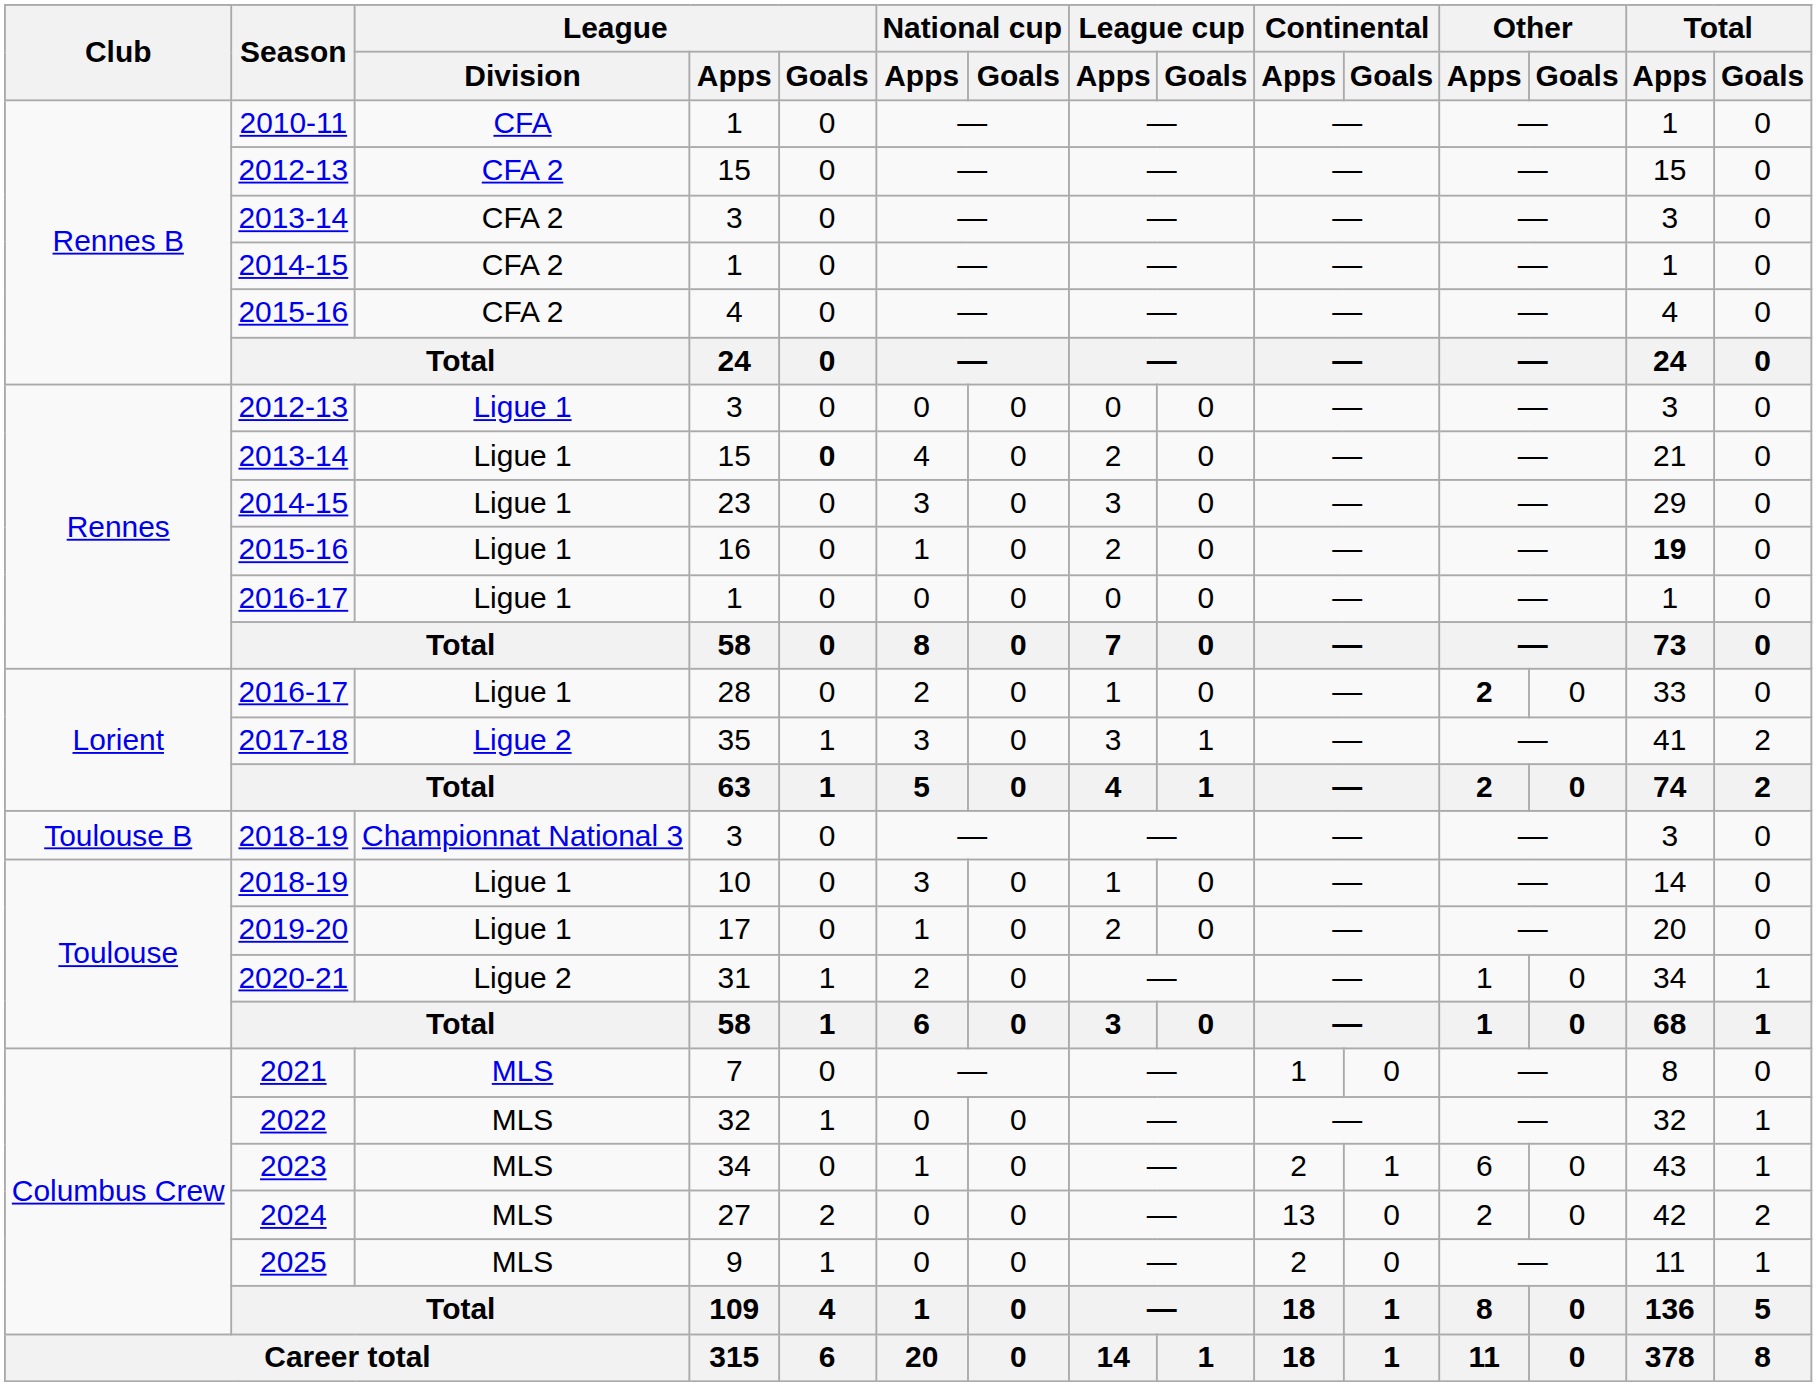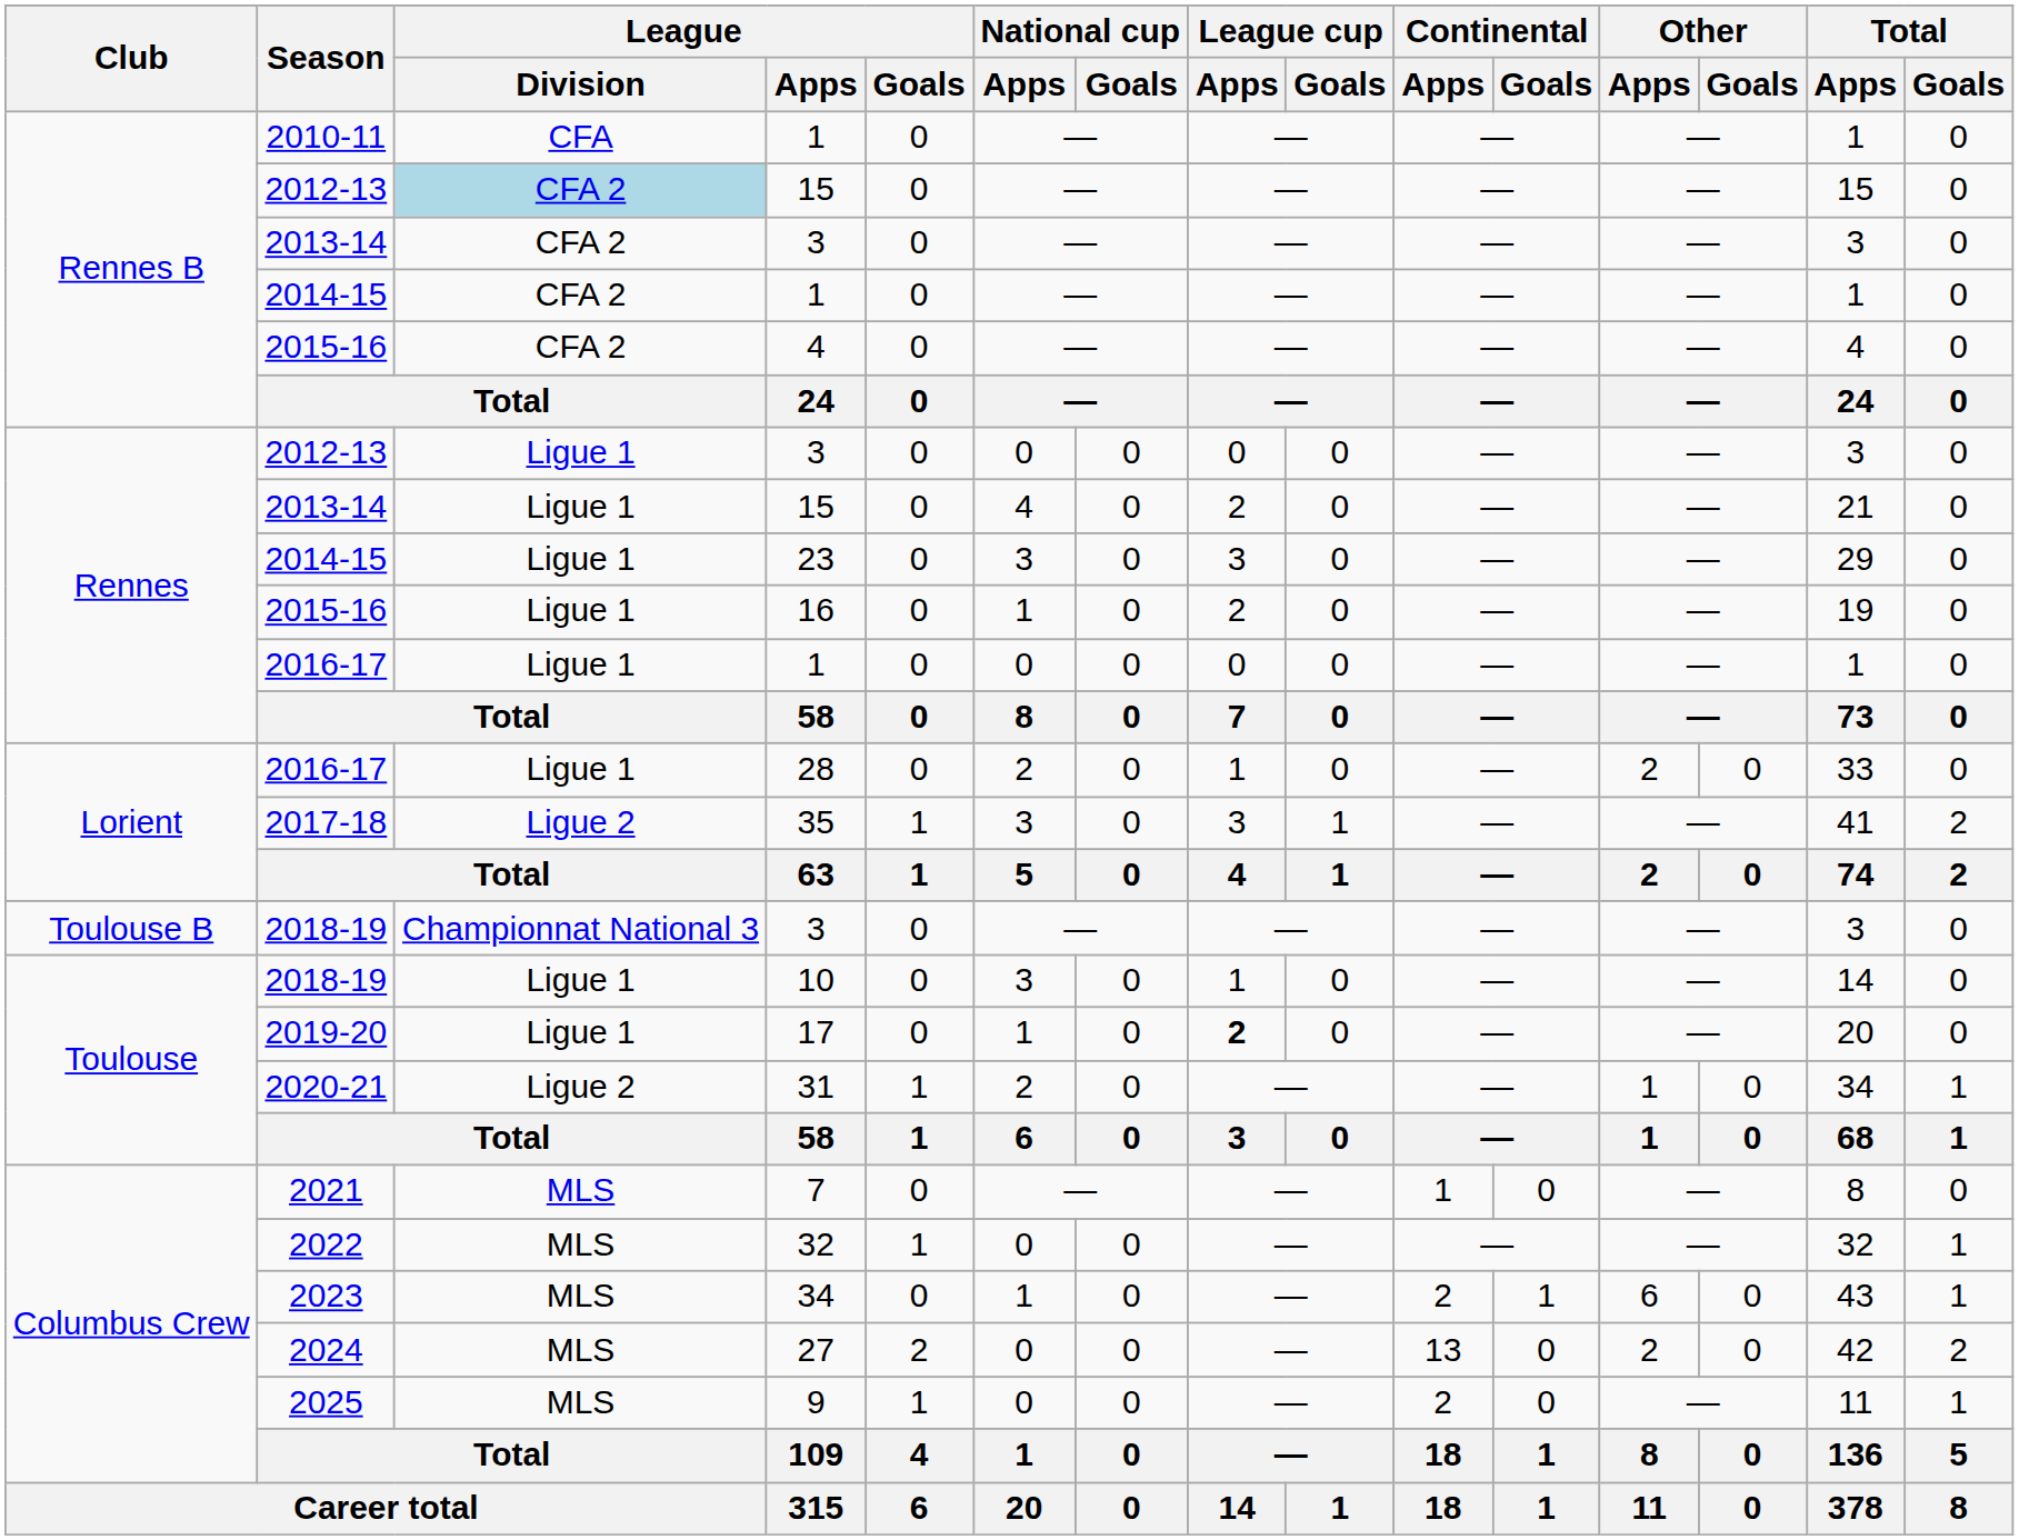 <table class="wikitable" style="text-align: center">
 <tr>
 <th rowspan="2">Club</th>
 <th rowspan="2">Season</th>
 <th colspan="3">League</th>
 <th colspan="2">National cup</th>
 <th colspan="2">League cup</th>
 <th colspan="2">Continental</th>
 <th colspan="2">Other</th>
 <th colspan="2">Total</th>
 </tr>
 <tr>
 <th>Division</th>
 <th>Apps</th>
 <th>Goals</th>
 <th>Apps</th>
 <th>Goals</th>
 <th>Apps</th>
 <th>Goals</th>
 <th>Apps</th>
 <th>Goals</th>
 <th>Apps</th>
 <th>Goals</th>
 <th>Apps</th>
 <th>Goals</th>
 </tr>
 <tr>
 <td rowspan="6"><a href='#'>Rennes B</a></td>
 <td><a href='#'>2010-11</a></td>
 <td><a href='#'>CFA</a></td>
 <td>1</td>
 <td>0</td>
 <td colspan="2">—</td>
 <td colspan="2">—</td>
 <td colspan="2">—</td>
 <td colspan="2">—</td>
 <td>1</td>
 <td>0</td>
 </tr>
 <tr>
 <td><a href='#'>2012-13</a></td>
-<td><a href='#'>CFA 2</a></td>
+<td style="background: lightblue;"><a href='#'>CFA 2</a></td>
 <td>15</td>
 <td>0</td>
 <td colspan="2">—</td>
 <td colspan="2">—</td>
 <td colspan="2">—</td>
 <td colspan="2">—</td>
 <td>15</td>
 <td>0</td>
 </tr>
 <tr>
 <td><a href='#'>2013-14</a></td>
 <td>CFA 2</td>
 <td>3</td>
 <td>0</td>
 <td colspan="2">—</td>
 <td colspan="2">—</td>
 <td colspan="2">—</td>
 <td colspan="2">—</td>
 <td>3</td>
 <td>0</td>
 </tr>
 <tr>
 <td><a href='#'>2014-15</a></td>
 <td>CFA 2</td>
 <td>1</td>
 <td>0</td>
 <td colspan="2">—</td>
 <td colspan="2">—</td>
 <td colspan="2">—</td>
 <td colspan="2">—</td>
 <td>1</td>
 <td>0</td>
 </tr>
 <tr>
 <td><a href='#'>2015-16</a></td>
 <td>CFA 2</td>
 <td>4</td>
 <td>0</td>
 <td colspan="2">—</td>
 <td colspan="2">—</td>
 <td colspan="2">—</td>
 <td colspan="2">—</td>
 <td>4</td>
 <td>0</td>
 </tr>
 <tr>
 <th colspan="2">Total</th>
 <th>24</th>
 <th>0</th>
 <th colspan="2">—</th>
 <th colspan="2">—</th>
 <th colspan="2">—</th>
 <th colspan="2">—</th>
 <th>24</th>
 <th>0</th>
 </tr>
 <tr>
 <td rowspan="6"><a href='#'>Rennes</a></td>
 <td><a href='#'>2012-13</a></td>
 <td><a href='#'>Ligue 1</a></td>
 <td>3</td>
 <td>0</td>
 <td>0</td>
 <td>0</td>
 <td>0</td>
 <td>0</td>
 <td colspan="2">—</td>
 <td colspan="2">—</td>
 <td>3</td>
 <td>0</td>
 </tr>
 <tr>
 <td><a href='#'>2013-14</a></td>
 <td>Ligue 1</td>
 <td>15</td>
-<td><strong>0</strong></td>
+<td>0</td>
 <td>4</td>
 <td>0</td>
 <td>2</td>
 <td>0</td>
 <td colspan="2">—</td>
 <td colspan="2">—</td>
 <td>21</td>
 <td>0</td>
 </tr>
 <tr>
 <td><a href='#'>2014-15</a></td>
 <td>Ligue 1</td>
 <td>23</td>
 <td>0</td>
 <td>3</td>
 <td>0</td>
 <td>3</td>
 <td>0</td>
 <td colspan="2">—</td>
 <td colspan="2">—</td>
 <td>29</td>
 <td>0</td>
 </tr>
 <tr>
 <td><a href='#'>2015-16</a></td>
 <td>Ligue 1</td>
 <td>16</td>
 <td>0</td>
 <td>1</td>
 <td>0</td>
 <td>2</td>
 <td>0</td>
 <td colspan="2">—</td>
 <td colspan="2">—</td>
-<td><strong>19</strong></td>
+<td>19</td>
 <td>0</td>
 </tr>
 <tr>
 <td><a href='#'>2016-17</a></td>
 <td>Ligue 1</td>
 <td>1</td>
 <td>0</td>
 <td>0</td>
 <td>0</td>
 <td>0</td>
 <td>0</td>
 <td colspan="2">—</td>
 <td colspan="2">—</td>
 <td>1</td>
 <td>0</td>
 </tr>
 <tr>
 <th colspan="2">Total</th>
 <th>58</th>
 <th>0</th>
 <th>8</th>
 <th>0</th>
 <th>7</th>
 <th>0</th>
 <th colspan="2">—</th>
 <th colspan="2">—</th>
 <th>73</th>
 <th>0</th>
 </tr>
 <tr>
 <td rowspan="3"><a href='#'>Lorient</a></td>
 <td><a href='#'>2016-17</a></td>
 <td>Ligue 1</td>
 <td>28</td>
 <td>0</td>
 <td>2</td>
 <td>0</td>
 <td>1</td>
 <td>0</td>
 <td colspan="2">—</td>
-<td><strong>2</strong></td>
+<td>2</td>
 <td>0</td>
 <td>33</td>
 <td>0</td>
 </tr>
 <tr>
 <td><a href='#'>2017-18</a></td>
 <td><a href='#'>Ligue 2</a></td>
 <td>35</td>
 <td>1</td>
 <td>3</td>
 <td>0</td>
 <td>3</td>
 <td>1</td>
 <td colspan="2">—</td>
 <td colspan="2">—</td>
 <td>41</td>
 <td>2</td>
 </tr>
 <tr>
 <th colspan="2">Total</th>
 <th>63</th>
 <th>1</th>
 <th>5</th>
 <th>0</th>
 <th>4</th>
 <th>1</th>
 <th colspan="2">—</th>
 <th>2</th>
 <th>0</th>
 <th>74</th>
 <th>2</th>
 </tr>
 <tr>
 <td><a href='#'>Toulouse B</a></td>
 <td><a href='#'>2018-19</a></td>
 <td><a href='#'>Championnat National 3</a></td>
 <td>3</td>
 <td>0</td>
 <td colspan="2">—</td>
 <td colspan="2">—</td>
 <td colspan="2">—</td>
 <td colspan="2">—</td>
 <td>3</td>
 <td>0</td>
 </tr>
 <tr>
 <td rowspan="4"><a href='#'>Toulouse</a></td>
 <td><a href='#'>2018-19</a></td>
 <td>Ligue 1</td>
 <td>10</td>
 <td>0</td>
 <td>3</td>
 <td>0</td>
 <td>1</td>
 <td>0</td>
 <td colspan="2">—</td>
 <td colspan="2">—</td>
 <td>14</td>
 <td>0</td>
 </tr>
 <tr>
 <td><a href='#'>2019-20</a></td>
 <td>Ligue 1</td>
 <td>17</td>
 <td>0</td>
 <td>1</td>
 <td>0</td>
-<td>2</td>
+<td><strong>2</strong></td>
 <td>0</td>
 <td colspan="2">—</td>
 <td colspan="2">—</td>
 <td>20</td>
 <td>0</td>
 </tr>
 <tr>
 <td><a href='#'>2020-21</a></td>
 <td>Ligue 2</td>
 <td>31</td>
 <td>1</td>
 <td>2</td>
 <td>0</td>
 <td colspan="2">—</td>
 <td colspan="2">—</td>
 <td>1</td>
 <td>0</td>
 <td>34</td>
 <td>1</td>
 </tr>
 <tr>
 <th colspan="2">Total</th>
 <th>58</th>
 <th>1</th>
 <th>6</th>
 <th>0</th>
 <th>3</th>
 <th>0</th>
 <th colspan="2">—</th>
 <th>1</th>
 <th>0</th>
 <th>68</th>
 <th>1</th>
 </tr>
 <tr>
 <td rowspan="6"><a href='#'>Columbus Crew</a></td>
 <td><a href='#'>2021</a></td>
 <td><a href='#'>MLS</a></td>
 <td>7</td>
 <td>0</td>
 <td colspan="2">—</td>
 <td colspan="2">—</td>
 <td>1</td>
 <td>0</td>
 <td colspan="2">—</td>
 <td>8</td>
 <td>0</td>
 </tr>
 <tr>
 <td><a href='#'>2022</a></td>
 <td>MLS</td>
 <td>32</td>
 <td>1</td>
 <td>0</td>
 <td>0</td>
 <td colspan="2">—</td>
 <td colspan="2">—</td>
 <td colspan="2">—</td>
 <td>32</td>
 <td>1</td>
 </tr>
 <tr>
 <td><a href='#'>2023</a></td>
 <td>MLS</td>
 <td>34</td>
 <td>0</td>
 <td>1</td>
 <td>0</td>
 <td colspan="2">—</td>
 <td>2</td>
 <td>1</td>
 <td>6</td>
 <td>0</td>
 <td>43</td>
 <td>1</td>
 </tr>
 <tr>
 <td><a href='#'>2024</a></td>
 <td>MLS</td>
 <td>27</td>
 <td>2</td>
 <td>0</td>
 <td>0</td>
 <td colspan="2">—</td>
 <td>13</td>
 <td>0</td>
 <td>2</td>
 <td>0</td>
 <td>42</td>
 <td>2</td>
 </tr>
 <tr>
 <td><a href='#'>2025</a></td>
 <td>MLS</td>
 <td>9</td>
 <td>1</td>
 <td>0</td>
 <td>0</td>
 <td colspan="2">—</td>
 <td>2</td>
 <td>0</td>
 <td colspan="2">—</td>
 <td>11</td>
 <td>1</td>
 </tr>
 <tr>
 <th colspan="2">Total</th>
 <th>109</th>
 <th>4</th>
 <th>1</th>
 <th>0</th>
 <th colspan="2">—</th>
 <th>18</th>
 <th>1</th>
 <th>8</th>
 <th>0</th>
 <th>136</th>
 <th>5</th>
 </tr>
 <tr>
 <th colspan="3">Career total</th>
 <th>315</th>
 <th>6</th>
 <th>20</th>
 <th>0</th>
 <th>14</th>
 <th>1</th>
 <th>18</th>
 <th>1</th>
 <th>11</th>
 <th>0</th>
 <th>378</th>
 <th>8</th>
 </tr>
 </table>
